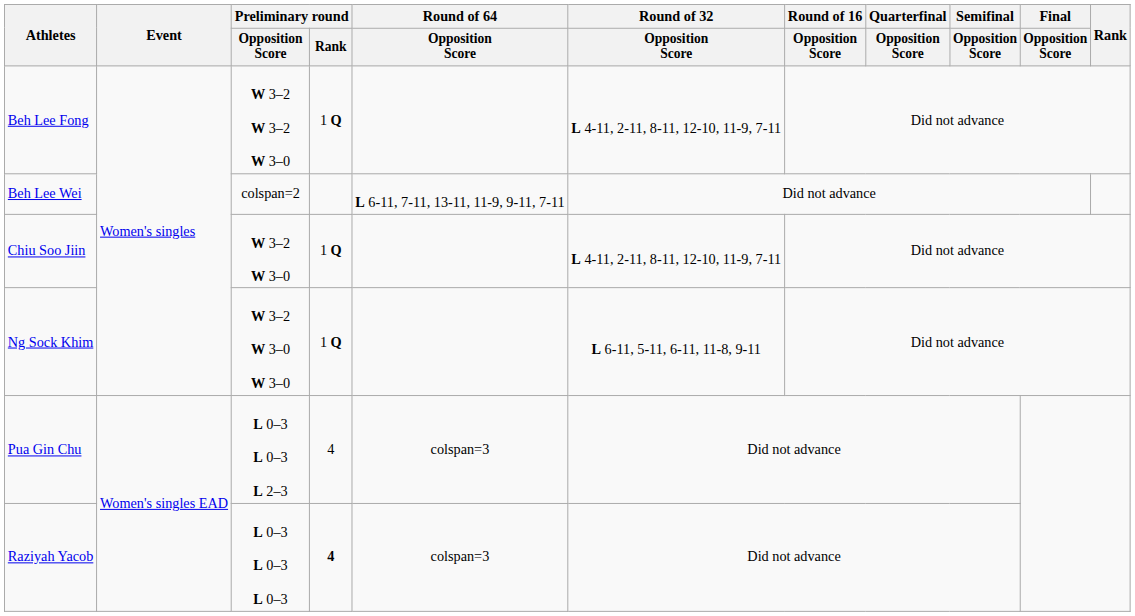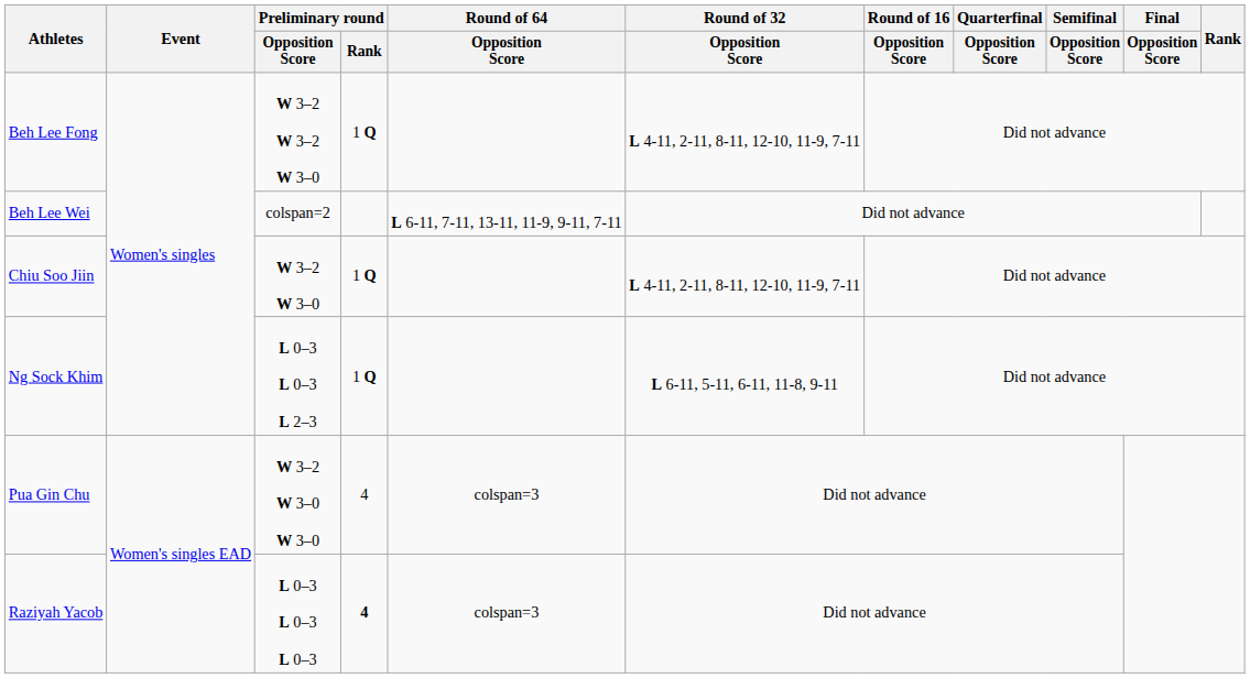 <table class="wikitable" style="font-size:90%">
 <tr>
 <th rowspan=2>Athletes</th>
 <th rowspan=2>Event</th>
 <th colspan=2>Preliminary round</th>
 <th>Round of 64</th>
 <th>Round of 32</th>
 <th>Round of 16</th>
 <th>Quarterfinal</th>
 <th>Semifinal</th>
 <th>Final</th>
 <th rowspan=2>Rank</th>
 </tr>
 <tr style="font-size:95%">
 <th>Opposition<br>Score</th>
 <th>Rank</th>
 <th>Opposition<br>Score</th>
 <th>Opposition<br>Score</th>
 <th>Opposition<br>Score</th>
 <th>Opposition<br>Score</th>
 <th>Opposition<br>Score</th>
 <th>Opposition<br>Score</th>
 </tr>
 <tr align=center>
 <td align=left><a href='#'>Beh Lee Fong</a></td>
 <td align=left rowspan=4><a href='#'>Women's singles</a></td>
 <td><br><strong>W</strong> 3–2<br><br><strong>W</strong> 3–2<br><br><strong>W</strong> 3–0</td>
 <td>1 <strong>Q</strong></td>
 <td></td>
 <td><br><strong>L</strong> 4-11, 2-11, 8-11, 12-10, 11-9, 7-11</td>
 <td colspan=5>Did not advance</td>
 </tr>
 <tr align=center>
 <td align=left><a href='#'>Beh Lee Wei</a></td>
 <td>colspan=2 </td>
 <td></td>
 <td><br><strong>L</strong> 6-11, 7-11, 13-11, 11-9, 9-11, 7-11</td>
 <td colspan=5>Did not advance</td>
 </tr>
 <tr align=center>
 <td align=left><a href='#'>Chiu Soo Jiin</a></td>
 <td><br><strong>W</strong> 3–2<br><br><strong>W</strong> 3–0</td>
 <td>1 <strong>Q</strong></td>
 <td></td>
 <td><br><strong>L</strong> 4-11, 2-11, 8-11, 12-10, 11-9, 7-11</td>
 <td colspan=5>Did not advance</td>
 </tr>
 <tr align=center>
 <td align=left><a href='#'>Ng Sock Khim</a></td>
-<td><br><strong>W</strong> 3–2<br><br><strong>W</strong> 3–0<br><br><strong>W</strong> 3–0</td>
+<td><br><strong>L</strong> 0–3<br><br><strong>L</strong> 0–3<br><br><strong>L</strong> 2–3</td>
 <td>1 <strong>Q</strong></td>
 <td></td>
 <td><br><strong>L</strong> 6-11, 5-11, 6-11, 11-8, 9-11</td>
 <td colspan=5>Did not advance</td>
 </tr>
 <tr align=center>
 <td align=left><a href='#'>Pua Gin Chu</a></td>
 <td align=left rowspan=2><a href='#'>Women's singles EAD</a></td>
-<td><br><strong>L</strong> 0–3<br><br><strong>L</strong> 0–3<br><br><strong>L</strong> 2–3</td>
+<td><br><strong>W</strong> 3–2<br><br><strong>W</strong> 3–0<br><br><strong>W</strong> 3–0</td>
 <td>4</td>
 <td>colspan=3 </td>
 <td colspan=4>Did not advance</td>
 </tr>
 <tr align=center>
 <td align=left><a href='#'>Raziyah Yacob</a></td>
 <td><br><strong>L</strong> 0–3<br><br><strong>L</strong> 0–3<br><br><strong>L</strong> 0–3</td>
 <td><strong>4</strong></td>
 <td>colspan=3 </td>
 <td colspan=4>Did not advance</td>
 </tr>
 </table>
